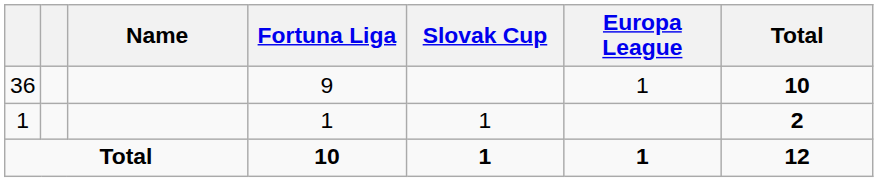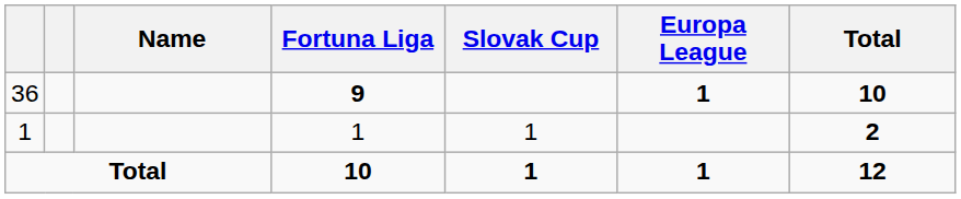 <table class="wikitable sortable" style="text-align:center">
 <tr>
 <th width=15></th>
 <th width=15></th>
 <th width=145>Name</th>
 <th width=120><strong><a href='#'>Fortuna Liga</a></strong></th>
 <th width=120><strong><a href='#'>Slovak Cup</a></strong></th>
 <th width=120><strong><a href='#'>Europa League</a></strong></th>
 <th width=120>Total</th>
 </tr>
 <tr>
 <td>36</td>
 <td></td>
 <td align="left"></td>
-<td>9</td>
+<td><strong>9</strong></td>
 <td></td>
-<td>1</td>
+<td><strong>1</strong></td>
 <td><strong>10</strong></td>
 </tr>
 <tr>
 <td>1</td>
 <td></td>
 <td align="left"></td>
 <td>1</td>
 <td>1</td>
 <td></td>
 <td><strong>2</strong></td>
 </tr>
 <tr>
 <td colspan="3"><strong>Total</strong></td>
 <td><strong>10</strong></td>
 <td><strong>1</strong></td>
 <td><strong>1</strong></td>
 <td><strong>12</strong></td>
 </tr>
 </table>
